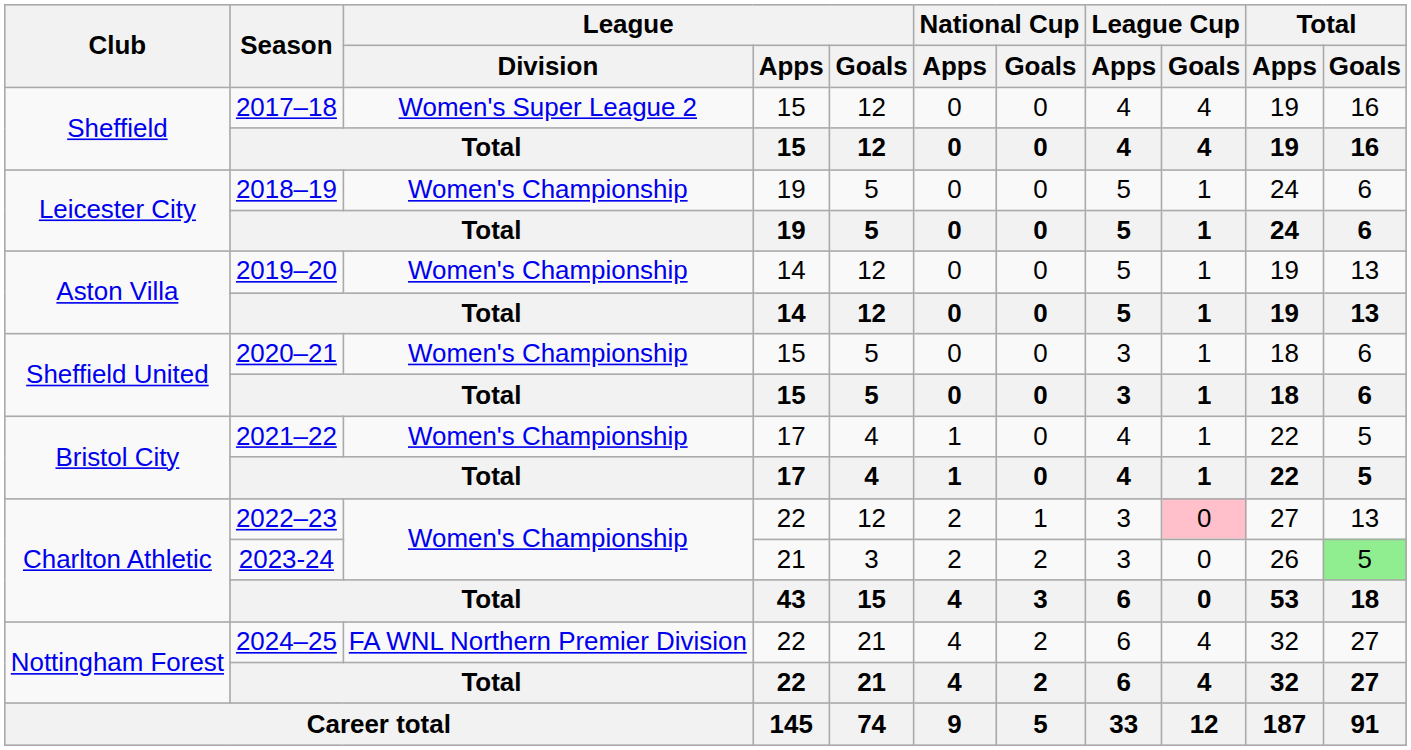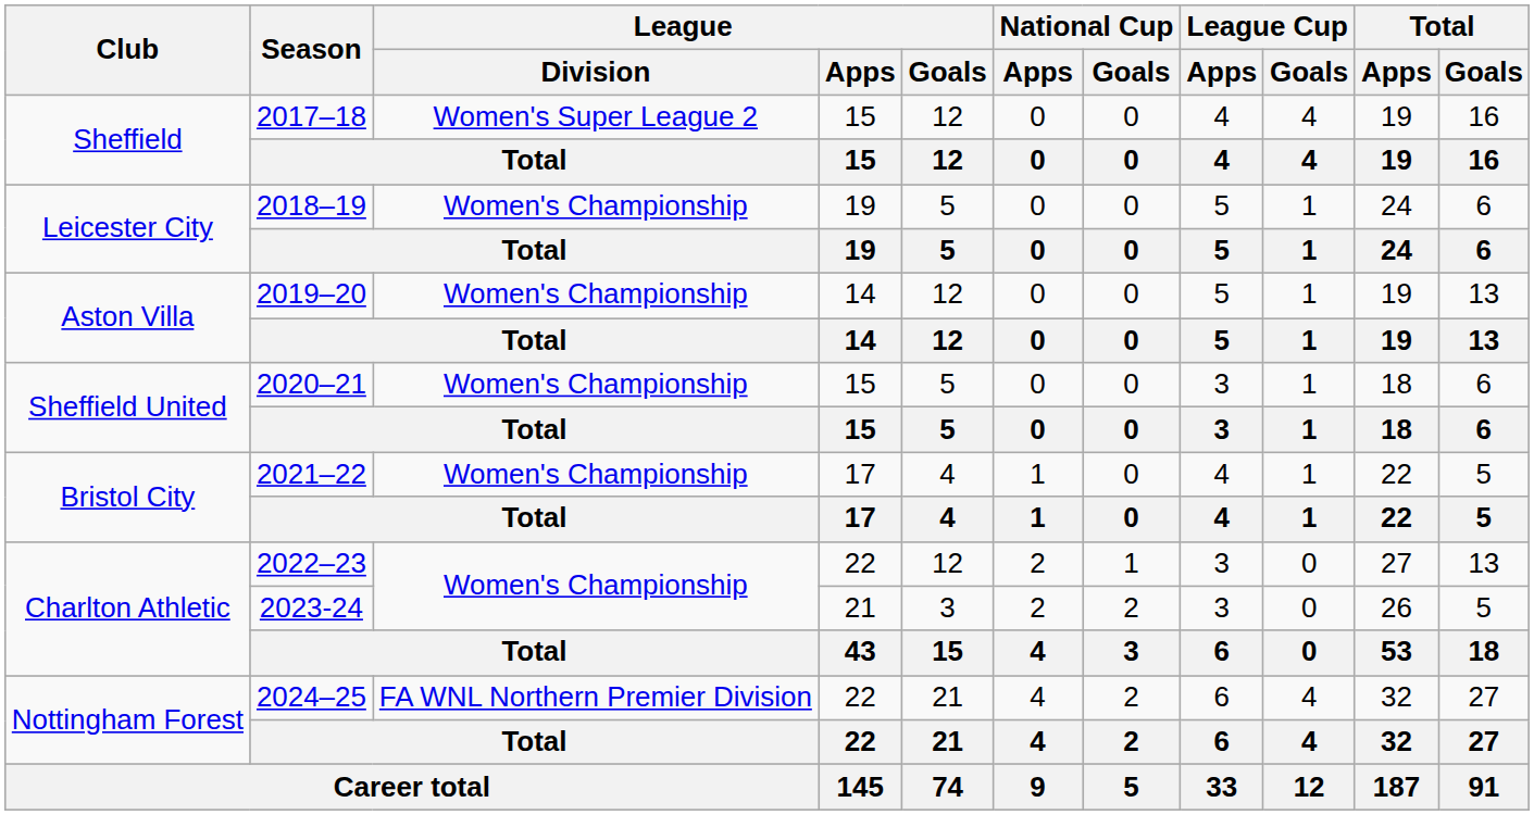 <table class="wikitable" style="text-align:center">
 <tr>
 <th rowspan="2">Club</th>
 <th rowspan="2">Season</th>
 <th colspan="3">League</th>
 <th colspan="2">National Cup</th>
 <th colspan="2">League Cup</th>
 <th colspan="2">Total</th>
 </tr>
 <tr>
 <th>Division</th>
 <th>Apps</th>
 <th>Goals</th>
 <th>Apps</th>
 <th>Goals</th>
 <th>Apps</th>
 <th>Goals</th>
 <th>Apps</th>
 <th>Goals</th>
 </tr>
 <tr>
 <td rowspan="2"><a href='#'>Sheffield</a></td>
 <td><a href='#'>2017–18</a></td>
 <td><a href='#'>Women's Super League 2</a></td>
 <td>15</td>
 <td>12</td>
 <td>0</td>
 <td>0</td>
 <td>4</td>
 <td>4</td>
 <td>19</td>
 <td>16</td>
 </tr>
 <tr>
 <th colspan="2">Total</th>
 <th>15</th>
 <th>12</th>
 <th>0</th>
 <th>0</th>
 <th>4</th>
 <th>4</th>
 <th>19</th>
 <th>16</th>
 </tr>
 <tr>
 <td rowspan="2"><a href='#'>Leicester City</a></td>
 <td><a href='#'>2018–19</a></td>
 <td><a href='#'>Women's Championship</a></td>
 <td>19</td>
 <td>5</td>
 <td>0</td>
 <td>0</td>
 <td>5</td>
 <td>1</td>
 <td>24</td>
 <td>6</td>
 </tr>
 <tr>
 <th colspan="2">Total</th>
 <th>19</th>
 <th>5</th>
 <th>0</th>
 <th>0</th>
 <th>5</th>
 <th>1</th>
 <th>24</th>
 <th>6</th>
 </tr>
 <tr>
 <td rowspan="2"><a href='#'>Aston Villa</a></td>
 <td><a href='#'>2019–20</a></td>
 <td><a href='#'>Women's Championship</a></td>
 <td>14</td>
 <td>12</td>
 <td>0</td>
 <td>0</td>
 <td>5</td>
 <td>1</td>
 <td>19</td>
 <td>13</td>
 </tr>
 <tr>
 <th colspan="2">Total</th>
 <th>14</th>
 <th>12</th>
 <th>0</th>
 <th>0</th>
 <th>5</th>
 <th>1</th>
 <th>19</th>
 <th>13</th>
 </tr>
 <tr>
 <td rowspan="2"><a href='#'>Sheffield United</a></td>
 <td><a href='#'>2020–21</a></td>
 <td><a href='#'>Women's Championship</a></td>
 <td>15</td>
 <td>5</td>
 <td>0</td>
 <td>0</td>
 <td>3</td>
 <td>1</td>
 <td>18</td>
 <td>6</td>
 </tr>
 <tr>
 <th colspan="2">Total</th>
 <th>15</th>
 <th>5</th>
 <th>0</th>
 <th>0</th>
 <th>3</th>
 <th>1</th>
 <th>18</th>
 <th>6</th>
 </tr>
 <tr>
 <td rowspan="2"><a href='#'>Bristol City</a></td>
 <td><a href='#'>2021–22</a></td>
 <td><a href='#'>Women's Championship</a></td>
 <td>17</td>
 <td>4</td>
 <td>1</td>
 <td>0</td>
 <td>4</td>
 <td>1</td>
 <td>22</td>
 <td>5</td>
 </tr>
 <tr>
 <th colspan="2">Total</th>
 <th>17</th>
 <th>4</th>
 <th>1</th>
 <th>0</th>
 <th>4</th>
 <th>1</th>
 <th>22</th>
 <th>5</th>
 </tr>
 <tr>
 <td rowspan="3"><a href='#'>Charlton Athletic</a></td>
 <td><a href='#'>2022–23</a></td>
 <td rowspan="2"><a href='#'>Women's Championship</a></td>
 <td>22</td>
 <td>12</td>
 <td>2</td>
 <td>1</td>
 <td>3</td>
-<td style="background: pink;">0</td>
+<td>0</td>
 <td>27</td>
 <td>13</td>
 </tr>
 <tr>
 <td><a href='#'>2023-24</a></td>
 <td>21</td>
 <td>3</td>
 <td>2</td>
 <td>2</td>
 <td>3</td>
 <td>0</td>
 <td>26</td>
-<td style="background: lightgreen;">5</td>
+<td>5</td>
 </tr>
 <tr>
 <th colspan="2">Total</th>
 <th>43</th>
 <th>15</th>
 <th>4</th>
 <th>3</th>
 <th>6</th>
 <th>0</th>
 <th>53</th>
 <th>18</th>
 </tr>
 <tr>
 <td rowspan="2"><a href='#'>Nottingham Forest</a></td>
 <td><a href='#'>2024–25</a></td>
 <td><a href='#'>FA WNL Northern Premier Division</a></td>
 <td>22</td>
 <td>21</td>
 <td>4</td>
 <td>2</td>
 <td>6</td>
 <td>4</td>
 <td>32</td>
 <td>27</td>
 </tr>
 <tr>
 <th colspan="2"><strong>Total</strong></th>
 <th>22</th>
 <th>21</th>
 <th>4</th>
 <th>2</th>
 <th>6</th>
 <th>4</th>
 <th>32</th>
 <th>27</th>
 </tr>
 <tr>
 <th colspan="3">Career total</th>
 <th>145</th>
 <th>74</th>
 <th>9</th>
 <th>5</th>
 <th>33</th>
 <th>12</th>
 <th>187</th>
 <th>91</th>
 </tr>
 </table>
